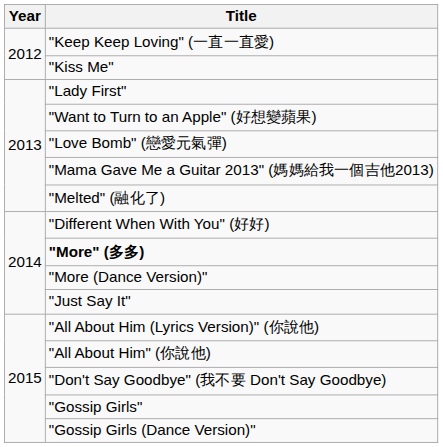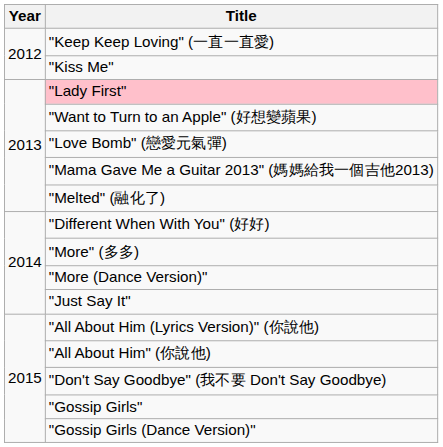 <table class="wikitable">
 <tr>
 <th>Year</th>
 <th>Title</th>
 </tr>
 <tr>
 <td rowspan=2>2012</td>
 <td>"Keep Keep Loving" (一直一直愛)</td>
 </tr>
 <tr>
 <td>"Kiss Me"</td>
 </tr>
 <tr>
 <td rowspan=5>2013</td>
-<td>"Lady First"</td>
+<td style="background: pink;">"Lady First"</td>
 </tr>
 <tr>
 <td>"Want to Turn to an Apple" (好想變蘋果)</td>
 </tr>
 <tr>
 <td>"Love Bomb" (戀愛元氣彈)</td>
 </tr>
 <tr>
 <td>"Mama Gave Me a Guitar 2013" (媽媽給我一個吉他2013)</td>
 </tr>
 <tr>
 <td>"Melted" (融化了)</td>
 </tr>
 <tr>
 <td rowspan=4>2014</td>
 <td>"Different When With You" (好好)</td>
 </tr>
 <tr>
-<td><strong>"More" (多多)</strong></td>
+<td>"More" (多多)</td>
 </tr>
 <tr>
 <td>"More (Dance Version)"</td>
 </tr>
 <tr>
 <td>"Just Say It"</td>
 </tr>
 <tr>
 <td rowspan=5>2015</td>
 <td>"All About Him (Lyrics Version)" (你說他)</td>
 </tr>
 <tr>
 <td>"All About Him" (你說他)</td>
 </tr>
 <tr>
 <td>"Don't Say Goodbye" (我不要 Don't Say Goodbye)</td>
 </tr>
 <tr>
 <td>"Gossip Girls"</td>
 </tr>
 <tr>
 <td>"Gossip Girls (Dance Version)"</td>
 </tr>
 </table>
